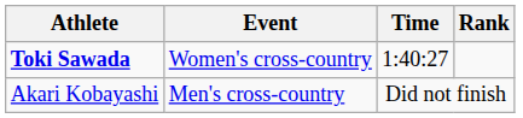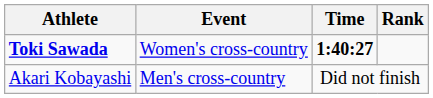 <table class=wikitable style=font-size:90%;text-align:center>
 <tr>
 <th>Athlete</th>
 <th>Event</th>
 <th>Time</th>
 <th>Rank</th>
 </tr>
 <tr>
 <td align=left><strong><a href='#'>Toki Sawada</a></strong></td>
 <td align=left><a href='#'>Women's cross-country</a></td>
-<td>1:40:27</td>
+<td><strong>1:40:27</strong></td>
 <td></td>
 </tr>
 <tr>
 <td align=left><a href='#'>Akari Kobayashi</a></td>
 <td align=left><a href='#'>Men's cross-country</a></td>
 <td colspan="2">Did not finish</td>
 </tr>
 </table>
